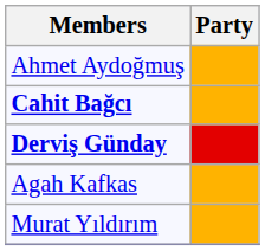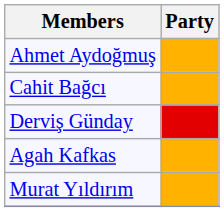 <table class=wikitable style="border:1px solid #8888aa; background-color:#f7f8ff; padding:0px; font-size:90%;">
 <tr>
 <th>Members</th>
 <th colspan="2">Party</th>
 </tr>
 <tr>
 <td><a href='#'>Ahmet Aydoğmuş</a></td>
 <td style="background: #ffb300"></td>
 </tr>
 <tr>
-<td><strong><a href='#'>Cahit Bağcı</a></strong></td>
+<td><a href='#'>Cahit Bağcı</a></td>
 <td style="background: #ffb300"></td>
 </tr>
 <tr>
-<td><strong><a href='#'>Derviş Günday</a></strong></td>
+<td><a href='#'>Derviş Günday</a></td>
 <td style="background: #e30000"></td>
 </tr>
 <tr>
 <td><a href='#'>Agah Kafkas</a></td>
 <td style="background: #ffb300"></td>
 </tr>
 <tr>
 <td><a href='#'>Murat Yıldırım</a></td>
 <td style="background: #ffb300"></td>
 </tr>
 <tr>
 </tr>
 </table>
